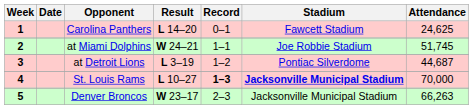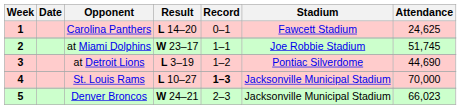 <table class="wikitable" style="text-align:center">
 <tr>
 <th>Week</th>
 <th>Date</th>
 <th>Opponent</th>
 <th>Result</th>
 <th>Record</th>
 <th>Stadium</th>
 <th>Attendance</th>
 </tr>
 <tr style="background: #fcc;">
 <td align="center"><strong>1</strong></td>
 <td></td>
 <td><a href='#'>Carolina Panthers</a></td>
 <td><strong>L</strong> 14–20</td>
 <td>0–1</td>
 <td><a href='#'>Fawcett Stadium</a></td>
 <td>24,625</td>
 </tr>
 <tr>
 </tr>
 <tr style="background: #cfc;">
 <td align="center"><strong>2</strong></td>
 <td></td>
 <td>at <a href='#'>Miami Dolphins</a></td>
-<td><strong>W</strong> 24–21</td>
+<td><strong>W</strong> 23–17</td>
 <td>1–1</td>
 <td><a href='#'>Joe Robbie Stadium</a></td>
 <td>51,745</td>
 </tr>
 <tr>
 </tr>
 <tr style="background: #fcc;">
 <td align="center"><strong>3</strong></td>
 <td></td>
 <td>at <a href='#'>Detroit Lions</a></td>
 <td><strong>L</strong> 3–19</td>
 <td>1–2</td>
 <td><a href='#'>Pontiac Silverdome</a></td>
-<td>44,687</td>
+<td>44,690</td>
 </tr>
 <tr>
 </tr>
 <tr style="background: #fcc;">
 <td align="center"><strong>4</strong></td>
 <td></td>
 <td><a href='#'>St. Louis Rams</a></td>
 <td><strong>L</strong> 10–27</td>
 <td><strong>1–3</strong></td>
-<td><strong><a href='#'>Jacksonville Municipal Stadium</a></strong></td>
+<td><a href='#'>Jacksonville Municipal Stadium</a></td>
 <td>70,000</td>
 </tr>
 <tr>
 </tr>
 <tr style="background: #cfc;">
 <td align="center"><strong>5</strong></td>
 <td></td>
 <td><a href='#'>Denver Broncos</a></td>
-<td><strong>W</strong> 23–17</td>
+<td><strong>W</strong> 24–21</td>
 <td>2–3</td>
 <td>Jacksonville Municipal Stadium</td>
-<td>66,263</td>
+<td>66,023</td>
 </tr>
 </table>
